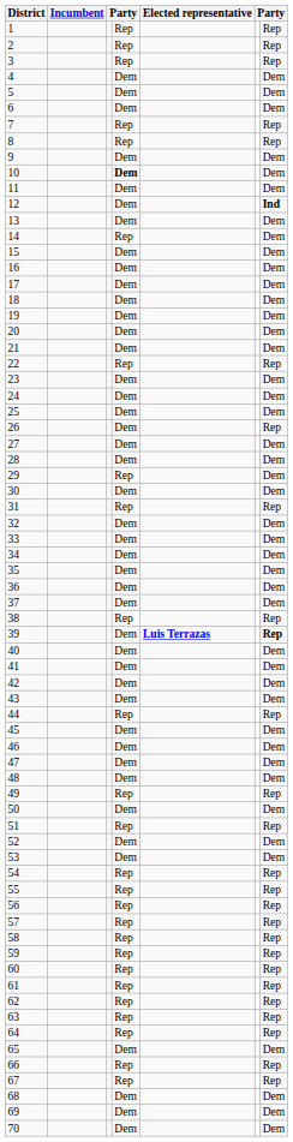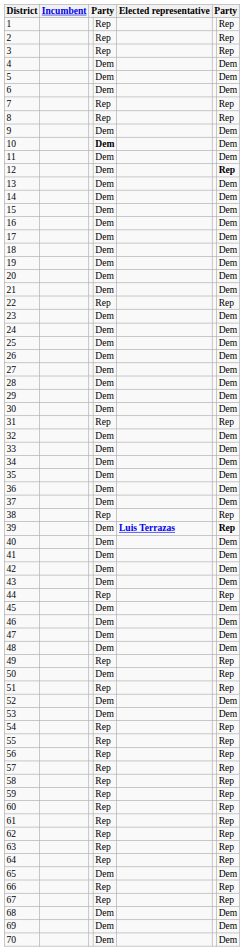 <table class="wikitable sortable" style="font-size:95%;line-height:14px;">
 <tr>
 <th>District</th>
 <th><a href='#'>Incumbent</a></th>
 <th colspan=2>Party</th>
 <th>Elected representative</th>
 <th colspan=2>Party</th>
 </tr>
 <tr>
 <td>1</td>
 <td></td>
 <td style="background:"></td>
 <td>Rep</td>
 <td></td>
 <td style="background:"></td>
 <td>Rep</td>
 </tr>
 <tr>
 <td>2</td>
 <td></td>
 <td style="background:"></td>
 <td>Rep</td>
 <td></td>
 <td style="background:"></td>
 <td>Rep</td>
 </tr>
 <tr>
 <td>3</td>
 <td></td>
 <td style="background:"></td>
 <td>Rep</td>
 <td></td>
 <td style="background:"></td>
 <td>Rep</td>
 </tr>
 <tr>
 <td>4</td>
 <td></td>
 <td style="background:"></td>
 <td>Dem</td>
 <td></td>
 <td style="background:"></td>
 <td>Dem</td>
 </tr>
 <tr>
 <td>5</td>
 <td></td>
 <td style="background:"></td>
 <td>Dem</td>
 <td></td>
 <td style="background:"></td>
 <td>Dem</td>
 </tr>
 <tr>
 <td>6</td>
 <td></td>
 <td style="background:"></td>
 <td>Dem</td>
 <td></td>
 <td style="background:"></td>
 <td>Dem</td>
 </tr>
 <tr>
 <td>7</td>
 <td></td>
 <td style="background:"></td>
 <td>Rep</td>
 <td></td>
 <td style="background:"></td>
 <td>Rep</td>
 </tr>
 <tr>
 <td>8</td>
 <td></td>
 <td style="background:"></td>
 <td>Rep</td>
 <td></td>
 <td style="background:"></td>
 <td>Rep</td>
 </tr>
 <tr>
 <td>9</td>
 <td></td>
 <td style="background:"></td>
 <td>Dem</td>
 <td></td>
 <td style="background:"></td>
 <td>Dem</td>
 </tr>
 <tr>
 <td>10</td>
 <td></td>
 <td style="background:"></td>
 <td><strong>Dem</strong></td>
 <td></td>
 <td style="background:"></td>
 <td>Dem</td>
 </tr>
 <tr>
 <td>11</td>
 <td></td>
 <td style="background:"></td>
 <td>Dem</td>
 <td></td>
 <td style="background:"></td>
 <td>Dem</td>
 </tr>
 <tr>
 <td>12</td>
 <td></td>
 <td style="background:"></td>
 <td>Dem</td>
 <td><strong></strong></td>
 <td style="background:"></td>
-<td><strong>Ind</strong></td>
+<td><strong>Rep</strong></td>
 </tr>
 <tr>
 <td>13</td>
 <td></td>
 <td style="background:"></td>
 <td>Dem</td>
 <td></td>
 <td style="background:"></td>
 <td>Dem</td>
 </tr>
 <tr>
 <td>14</td>
 <td></td>
 <td style="background:"></td>
-<td>Rep</td>
+<td>Dem</td>
 <td></td>
 <td style="background:"></td>
 <td>Dem</td>
 </tr>
 <tr>
 <td>15</td>
 <td></td>
 <td style="background:"></td>
 <td>Dem</td>
 <td></td>
 <td style="background:"></td>
 <td>Dem</td>
 </tr>
 <tr>
 <td>16</td>
 <td></td>
 <td style="background:"></td>
 <td>Dem</td>
 <td></td>
 <td style="background:"></td>
 <td>Dem</td>
 </tr>
 <tr>
 <td>17</td>
 <td></td>
 <td style="background:"></td>
 <td>Dem</td>
 <td></td>
 <td style="background:"></td>
 <td>Dem</td>
 </tr>
 <tr>
 <td>18</td>
 <td></td>
 <td style="background:"></td>
 <td>Dem</td>
 <td></td>
 <td style="background:"></td>
 <td>Dem</td>
 </tr>
 <tr>
 <td>19</td>
 <td></td>
 <td style="background:"></td>
 <td>Dem</td>
 <td></td>
 <td style="background:"></td>
 <td>Dem</td>
 </tr>
 <tr>
 <td>20</td>
 <td></td>
 <td style="background:"></td>
 <td>Dem</td>
 <td></td>
 <td style="background:"></td>
 <td>Dem</td>
 </tr>
 <tr>
 <td>21</td>
 <td></td>
 <td style="background:"></td>
 <td>Dem</td>
 <td></td>
 <td style="background:"></td>
 <td>Dem</td>
 </tr>
 <tr>
 <td>22</td>
 <td></td>
 <td style="background:"></td>
 <td>Rep</td>
 <td></td>
 <td style="background:"></td>
 <td>Rep</td>
 </tr>
 <tr>
 <td>23</td>
 <td></td>
 <td style="background:"></td>
 <td>Dem</td>
 <td></td>
 <td style="background:"></td>
 <td>Dem</td>
 </tr>
 <tr>
 <td>24</td>
 <td></td>
 <td style="background:"></td>
 <td>Dem</td>
 <td></td>
 <td style="background:"></td>
 <td>Dem</td>
 </tr>
 <tr>
 <td>25</td>
 <td></td>
 <td style="background:"></td>
 <td>Dem</td>
 <td></td>
 <td style="background:"></td>
 <td>Dem</td>
 </tr>
 <tr>
 <td>26</td>
 <td></td>
 <td style="background:"></td>
 <td>Dem</td>
 <td></td>
 <td style="background:"></td>
-<td>Rep</td>
+<td>Dem</td>
 </tr>
 <tr>
 <td>27</td>
 <td></td>
 <td style="background:"></td>
 <td>Dem</td>
 <td></td>
 <td style="background:"></td>
 <td>Dem</td>
 </tr>
 <tr>
 <td>28</td>
 <td></td>
 <td style="background:"></td>
 <td>Dem</td>
 <td></td>
 <td style="background:"></td>
 <td>Dem</td>
 </tr>
 <tr>
 <td>29</td>
 <td></td>
 <td style="background:"></td>
-<td>Rep</td>
+<td>Dem</td>
 <td></td>
 <td style="background:"></td>
 <td>Dem</td>
 </tr>
 <tr>
 <td>30</td>
 <td></td>
 <td style="background:"></td>
 <td>Dem</td>
 <td></td>
 <td style="background:"></td>
 <td>Dem</td>
 </tr>
 <tr>
 <td>31</td>
 <td></td>
 <td style="background:"></td>
 <td>Rep</td>
 <td></td>
 <td style="background:"></td>
 <td>Rep</td>
 </tr>
 <tr>
 <td>32</td>
 <td></td>
 <td style="background:"></td>
 <td>Dem</td>
 <td></td>
 <td style="background:"></td>
 <td>Dem</td>
 </tr>
 <tr>
 <td>33</td>
 <td></td>
 <td style="background:"></td>
 <td>Dem</td>
 <td></td>
 <td style="background:"></td>
 <td>Dem</td>
 </tr>
 <tr>
 <td>34</td>
 <td></td>
 <td style="background:"></td>
 <td>Dem</td>
 <td></td>
 <td style="background:"></td>
 <td>Dem</td>
 </tr>
 <tr>
 <td>35</td>
 <td></td>
 <td style="background:"></td>
 <td>Dem</td>
 <td></td>
 <td style="background:"></td>
 <td>Dem</td>
 </tr>
 <tr>
 <td>36</td>
 <td></td>
 <td style="background:"></td>
 <td>Dem</td>
 <td></td>
 <td style="background:"></td>
 <td>Dem</td>
 </tr>
 <tr>
 <td>37</td>
 <td></td>
 <td style="background:"></td>
 <td>Dem</td>
 <td></td>
 <td style="background:"></td>
 <td>Dem</td>
 </tr>
 <tr>
 <td>38</td>
 <td></td>
 <td style="background:"></td>
 <td>Rep</td>
 <td></td>
 <td style="background:"></td>
 <td>Rep</td>
 </tr>
 <tr>
 <td>39</td>
 <td></td>
 <td style="background:"></td>
 <td>Dem</td>
 <td><strong><a href='#'>Luis Terrazas</a></strong></td>
 <td style="background:"></td>
 <td><strong>Rep</strong></td>
 </tr>
 <tr>
 <td>40</td>
 <td></td>
 <td style="background:"></td>
 <td>Dem</td>
 <td></td>
 <td style="background:"></td>
 <td>Dem</td>
 </tr>
 <tr>
 <td>41</td>
 <td></td>
 <td style="background:"></td>
 <td>Dem</td>
 <td></td>
 <td style="background:"></td>
 <td>Dem</td>
 </tr>
 <tr>
 <td>42</td>
 <td></td>
 <td style="background:"></td>
 <td>Dem</td>
 <td></td>
 <td style="background:"></td>
 <td>Dem</td>
 </tr>
 <tr>
 <td>43</td>
 <td></td>
 <td style="background:"></td>
 <td>Dem</td>
 <td></td>
 <td style="background:"></td>
 <td>Dem</td>
 </tr>
 <tr>
 <td>44</td>
 <td></td>
 <td style="background:"></td>
 <td>Rep</td>
 <td></td>
 <td style="background:"></td>
 <td>Rep</td>
 </tr>
 <tr>
 <td>45</td>
 <td></td>
 <td style="background:"></td>
 <td>Dem</td>
 <td></td>
 <td style="background:"></td>
 <td>Dem</td>
 </tr>
 <tr>
 <td>46</td>
 <td></td>
 <td style="background:"></td>
 <td>Dem</td>
 <td></td>
 <td style="background:"></td>
 <td>Dem</td>
 </tr>
 <tr>
 <td>47</td>
 <td></td>
 <td style="background:"></td>
 <td>Dem</td>
 <td></td>
 <td style="background:"></td>
 <td>Dem</td>
 </tr>
 <tr>
 <td>48</td>
 <td></td>
 <td style="background:"></td>
 <td>Dem</td>
 <td></td>
 <td style="background:"></td>
 <td>Dem</td>
 </tr>
 <tr>
 <td>49</td>
 <td></td>
 <td style="background:"></td>
 <td>Rep</td>
 <td></td>
 <td style="background:"></td>
 <td>Rep</td>
 </tr>
 <tr>
 <td>50</td>
 <td></td>
 <td style="background:"></td>
 <td>Dem</td>
 <td></td>
 <td style="background:"></td>
-<td>Dem</td>
+<td>Rep</td>
 </tr>
 <tr>
 <td>51</td>
 <td></td>
 <td style="background:"></td>
 <td>Rep</td>
 <td></td>
 <td style="background:"></td>
 <td>Rep</td>
 </tr>
 <tr>
 <td>52</td>
 <td></td>
 <td style="background:"></td>
 <td>Dem</td>
 <td></td>
 <td style="background:"></td>
 <td>Dem</td>
 </tr>
 <tr>
 <td>53</td>
 <td></td>
 <td style="background:"></td>
 <td>Dem</td>
 <td></td>
 <td style="background:"></td>
 <td>Dem</td>
 </tr>
 <tr>
 <td>54</td>
 <td></td>
 <td style="background:"></td>
 <td>Rep</td>
 <td></td>
 <td style="background:"></td>
 <td>Rep</td>
 </tr>
 <tr>
 <td>55</td>
 <td></td>
 <td style="background:"></td>
 <td>Rep</td>
 <td></td>
 <td style="background:"></td>
 <td>Rep</td>
 </tr>
 <tr>
 <td>56</td>
 <td></td>
 <td style="background:"></td>
 <td>Rep</td>
 <td></td>
 <td style="background:"></td>
 <td>Rep</td>
 </tr>
 <tr>
 <td>57</td>
 <td></td>
 <td style="background:"></td>
 <td>Rep</td>
 <td></td>
 <td style="background:"></td>
 <td>Rep</td>
 </tr>
 <tr>
 <td>58</td>
 <td></td>
 <td style="background:"></td>
 <td>Rep</td>
 <td></td>
 <td style="background:"></td>
 <td>Rep</td>
 </tr>
 <tr>
 <td>59</td>
 <td></td>
 <td style="background:"></td>
 <td>Rep</td>
 <td></td>
 <td style="background:"></td>
 <td>Rep</td>
 </tr>
 <tr>
 <td>60</td>
 <td></td>
 <td style="background:"></td>
 <td>Rep</td>
 <td></td>
 <td style="background:"></td>
 <td>Rep</td>
 </tr>
 <tr>
 <td>61</td>
 <td></td>
 <td style="background:"></td>
 <td>Rep</td>
 <td></td>
 <td style="background:"></td>
 <td>Rep</td>
 </tr>
 <tr>
 <td>62</td>
 <td></td>
 <td style="background:"></td>
 <td>Rep</td>
 <td></td>
 <td style="background:"></td>
 <td>Rep</td>
 </tr>
 <tr>
 <td>63</td>
 <td></td>
 <td style="background:"></td>
 <td>Rep</td>
 <td></td>
 <td style="background:"></td>
 <td>Rep</td>
 </tr>
 <tr>
 <td>64</td>
 <td></td>
 <td style="background:"></td>
 <td>Rep</td>
 <td></td>
 <td style="background:"></td>
 <td>Rep</td>
 </tr>
 <tr>
 <td>65</td>
 <td></td>
 <td style="background:"></td>
 <td>Dem</td>
 <td></td>
 <td style="background:"></td>
 <td>Dem</td>
 </tr>
 <tr>
 <td>66</td>
 <td></td>
 <td style="background:"></td>
 <td>Rep</td>
 <td></td>
 <td style="background:"></td>
 <td>Rep</td>
 </tr>
 <tr>
 <td>67</td>
 <td></td>
 <td style="background:"></td>
 <td>Rep</td>
 <td></td>
 <td style="background:"></td>
 <td>Rep</td>
 </tr>
 <tr>
 <td>68</td>
 <td></td>
 <td style="background:"></td>
 <td>Dem</td>
 <td></td>
 <td style="background:"></td>
 <td>Dem</td>
 </tr>
 <tr>
 <td>69</td>
 <td></td>
 <td style="background:"></td>
 <td>Dem</td>
 <td></td>
 <td style="background:"></td>
 <td>Dem</td>
 </tr>
 <tr>
 <td>70</td>
 <td></td>
 <td style="background:"></td>
 <td>Dem</td>
 <td></td>
 <td style="background:"></td>
 <td>Dem</td>
 </tr>
 </table>
